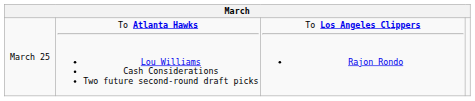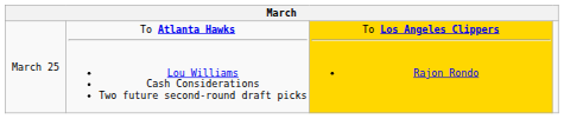 <table class="wikitable" style="text-align:center">
 <tr>
 <th colspan="4">March</th>
 </tr>
 <tr>
 <td>March 25</td>
 <td style="width:44%; vertical-align:top;">To <strong><a href='#'>Atlanta Hawks</a></strong><hr><br><ul><li><a href='#'>Lou Williams</a></li><li>Cash Considerations</li><li>Two future second-round draft picks</li></ul></td>
-<td style="width:44%; vertical-align:top;">To <strong><a href='#'>Los Angeles Clippers</a></strong><hr><br><ul><li><a href='#'>Rajon Rondo</a></li></ul></td>
+<td style="background: gold; width:44%; vertical-align:top;">To <strong><a href='#'>Los Angeles Clippers</a></strong><hr><br><ul><li><a href='#'>Rajon Rondo</a></li></ul></td>
 <td></td>
 </tr>
 </table>
